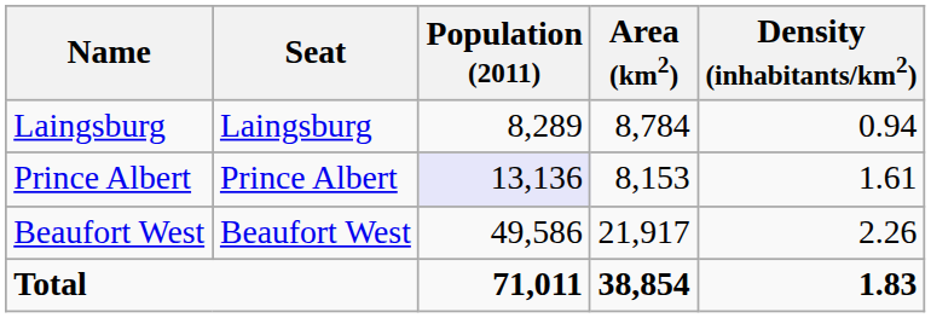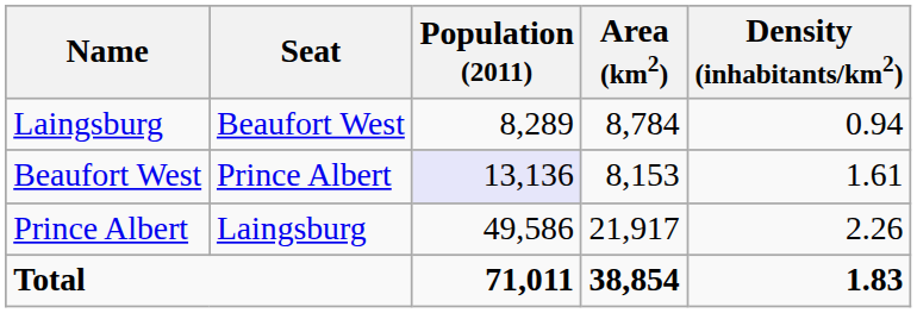 <table class="wikitable sortable">
 <tr>
 <th>Name</th>
 <th>Seat</th>
 <th>Population<br><small>(2011)</small></th>
 <th>Area<br><small>(km<sup>2</sup>)</small></th>
 <th>Density<br><small>(inhabitants/km<sup>2</sup>)</small></th>
 </tr>
 <tr>
 <td><a href='#'>Laingsburg</a></td>
-<td><a href='#'>Laingsburg</a></td>
+<td><a href='#'>Beaufort West</a></td>
 <td align=right>8,289</td>
 <td align=right>8,784</td>
 <td align=right>0.94</td>
 </tr>
 <tr>
-<td><a href='#'>Prince Albert</a></td>
+<td><a href='#'>Beaufort West</a></td>
 <td><a href='#'>Prince Albert</a></td>
 <td align=right style="background: lavender;">13,136</td>
 <td align=right>8,153</td>
 <td align=right>1.61</td>
 </tr>
 <tr>
-<td><a href='#'>Beaufort West</a></td>
-<td><a href='#'>Beaufort West</a></td>
+<td><a href='#'>Prince Albert</a></td>
+<td><a href='#'>Laingsburg</a></td>
 <td align=right>49,586</td>
 <td align=right>21,917</td>
 <td align=right>2.26</td>
 </tr>
 <tr class="sortbottom">
 <td colspan=2><strong>Total</strong></td>
 <td align=right><strong>71,011</strong></td>
 <td align=right><strong>38,854</strong></td>
 <td align=right><strong>1.83</strong></td>
 </tr>
 </table>
